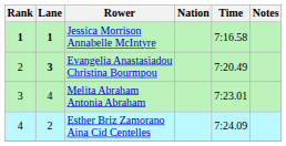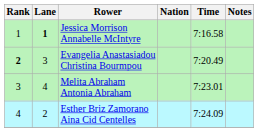 <table class="wikitable sortable" style="text-align:center">
 <tr>
 <th>Rank</th>
 <th>Lane</th>
 <th>Rower</th>
 <th>Nation</th>
 <th>Time</th>
 <th>Notes</th>
 </tr>
 <tr bgcolor=bbf3bb>
-<td><strong>1</strong></td>
+<td>1</td>
 <td><strong>1</strong></td>
 <td align=left><a href='#'>Jessica Morrison</a><br><a href='#'>Annabelle McIntyre</a></td>
 <td align=left></td>
 <td>7:16.58</td>
 <td></td>
 </tr>
 <tr bgcolor=bbf3bb>
-<td>2</td>
-<td><strong>3</strong></td>
+<td><strong>2</strong></td>
+<td>3</td>
 <td align=left><a href='#'>Evangelia Anastasiadou</a><br><a href='#'>Christina Bourmpou</a></td>
 <td align=left></td>
 <td>7:20.49</td>
 <td></td>
 </tr>
 <tr bgcolor=bbf3bb>
 <td>3</td>
 <td>4</td>
 <td align=left><a href='#'>Melita Abraham</a><br><a href='#'>Antonia Abraham</a></td>
 <td align=left></td>
 <td>7:23.01</td>
 <td></td>
 </tr>
 <tr bgcolor=bbf9ff>
 <td>4</td>
 <td>2</td>
 <td align=left><a href='#'>Esther Briz Zamorano</a><br><a href='#'>Aina Cid Centelles</a></td>
 <td align=left></td>
 <td>7:24.09</td>
 <td></td>
 </tr>
 <tr>
 </tr>
 </table>
